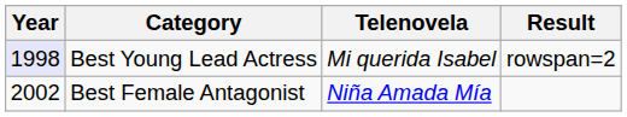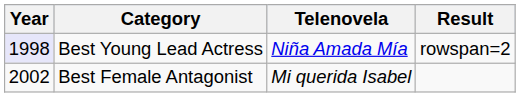 <table class="wikitable">
 <tr style="background:#b0c4de;">
 <th>Year</th>
 <th>Category</th>
 <th>Telenovela</th>
 <th>Result</th>
 </tr>
 <tr>
 <td style="background: lavender;">1998</td>
 <td>Best Young Lead Actress</td>
-<td><em>Mi querida Isabel</em></td>
+<td><em><a href='#'>Niña Amada Mía</a></em></td>
 <td>rowspan=2 </td>
 </tr>
 <tr>
 <td>2002</td>
 <td>Best Female Antagonist</td>
-<td><em><a href='#'>Niña Amada Mía</a></em></td>
+<td><em>Mi querida Isabel</em></td>
 </tr>
 </table>
